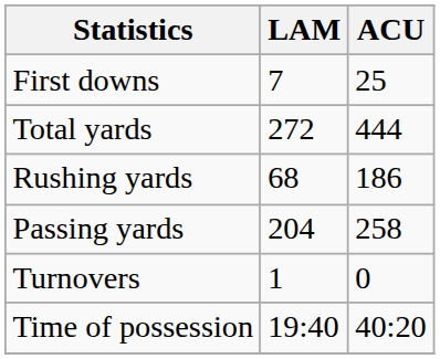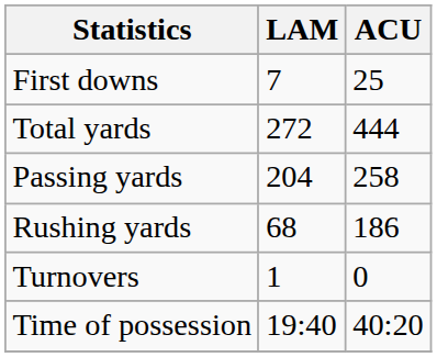 <table class="wikitable">
 <tr>
 <th>Statistics</th>
 <th>LAM</th>
 <th>ACU</th>
 </tr>
 <tr>
 <td>First downs</td>
 <td>7</td>
 <td>25</td>
 </tr>
 <tr>
 <td>Total yards</td>
 <td>272</td>
 <td>444</td>
 </tr>
 <tr>
+<td>Passing yards</td>
+<td>204</td>
+<td>258</td>
+</tr>
+<tr>
 <td>Rushing yards</td>
 <td>68</td>
 <td>186</td>
-</tr>
-<tr>
-<td>Passing yards</td>
-<td>204</td>
-<td>258</td>
 </tr>
 <tr>
 <td>Turnovers</td>
 <td>1</td>
 <td>0</td>
 </tr>
 <tr>
 <td>Time of possession</td>
 <td>19:40</td>
 <td>40:20</td>
 </tr>
 <tr>
 </tr>
 </table>
